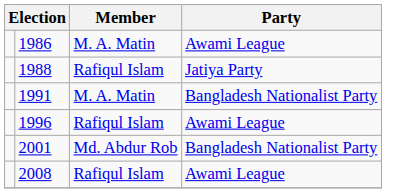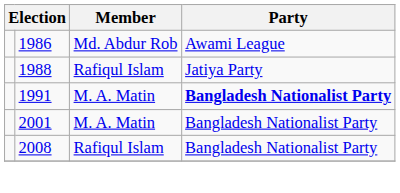 <table class="wikitable">
 <tr>
 <th colspan="2">Election</th>
 <th>Member</th>
 <th>Party</th>
 </tr>
 <tr>
 <td style="background-color:"></td>
 <td><a href='#'>1986</a></td>
-<td><a href='#'>M. A. Matin</a></td>
+<td><a href='#'>Md. Abdur Rob</a></td>
 <td><a href='#'>Awami League</a></td>
 </tr>
 <tr>
 <td style="background-color:"></td>
 <td><a href='#'>1988</a></td>
 <td><a href='#'>Rafiqul Islam</a></td>
 <td><a href='#'>Jatiya Party</a></td>
 </tr>
 <tr>
 <td style="background-color:"></td>
 <td><a href='#'>1991</a></td>
 <td><a href='#'>M. A. Matin</a></td>
-<td><a href='#'>Bangladesh Nationalist Party</a></td>
-</tr>
-<tr>
-<td style="background-color:"></td>
-<td><a href='#'>1996</a></td>
-<td><a href='#'>Rafiqul Islam</a></td>
-<td><a href='#'>Awami League</a></td>
+<td><strong><a href='#'>Bangladesh Nationalist Party</a></strong></td>
 </tr>
 <tr>
 <td style="background-color:"></td>
 <td><a href='#'>2001</a></td>
-<td><a href='#'>Md. Abdur Rob</a></td>
+<td><a href='#'>M. A. Matin</a></td>
 <td><a href='#'>Bangladesh Nationalist Party</a></td>
 </tr>
 <tr>
 <td style="background-color:"></td>
 <td><a href='#'>2008</a></td>
 <td><a href='#'>Rafiqul Islam</a></td>
-<td><a href='#'>Awami League</a></td>
+<td><a href='#'>Bangladesh Nationalist Party</a></td>
 </tr>
 <tr>
 </tr>
 </table>
